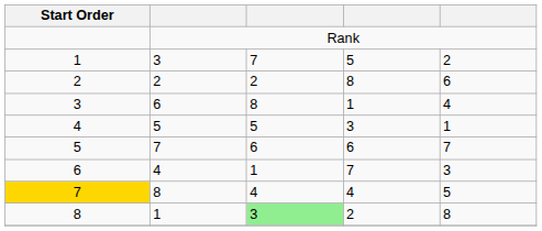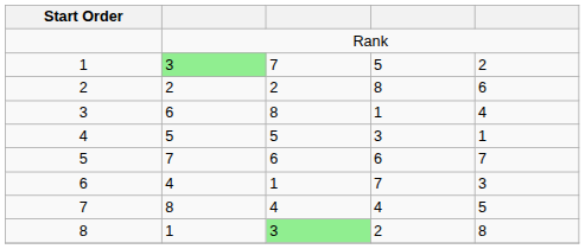 <table class="wikitable">
 <tr>
 <th width="15%">Start Order</th>
 <th width="10%"></th>
 <th width="10%"></th>
 <th width="10%"></th>
 <th width="10%"></th>
 </tr>
 <tr>
 <td></td>
 <td colspan=4 align=center>Rank</td>
 </tr>
 <tr>
 <td align=center>1</td>
-<td>3</td>
+<td style="background: lightgreen;">3</td>
 <td>7</td>
 <td>5</td>
 <td>2</td>
 </tr>
 <tr>
 <td align=center>2</td>
 <td>2</td>
 <td>2</td>
 <td>8</td>
 <td>6</td>
 </tr>
 <tr>
 <td align=center>3</td>
 <td>6</td>
 <td>8</td>
 <td>1</td>
 <td>4</td>
 </tr>
 <tr>
 <td align=center>4</td>
 <td>5</td>
 <td>5</td>
 <td>3</td>
 <td>1</td>
 </tr>
 <tr>
 <td align=center>5</td>
 <td>7</td>
 <td>6</td>
 <td>6</td>
 <td>7</td>
 </tr>
 <tr>
 <td align=center>6</td>
 <td>4</td>
 <td>1</td>
 <td>7</td>
 <td>3</td>
 </tr>
 <tr>
-<td align=center style="background: gold;">7</td>
+<td align=center>7</td>
 <td>8</td>
 <td>4</td>
 <td>4</td>
 <td>5</td>
 </tr>
 <tr>
 <td align=center>8</td>
 <td>1</td>
 <td style="background: lightgreen;">3</td>
 <td>2</td>
 <td>8</td>
 </tr>
 <tr>
 </tr>
 </table>
